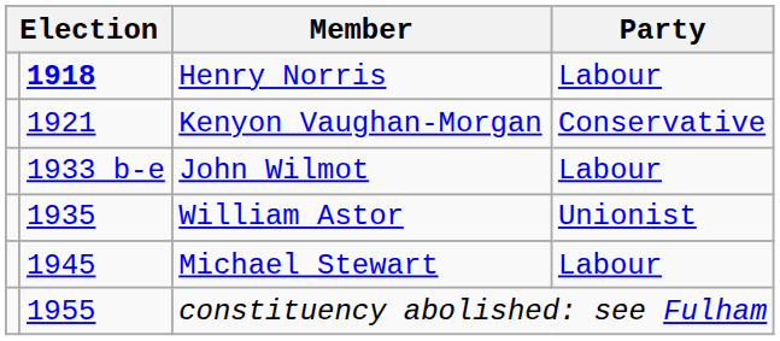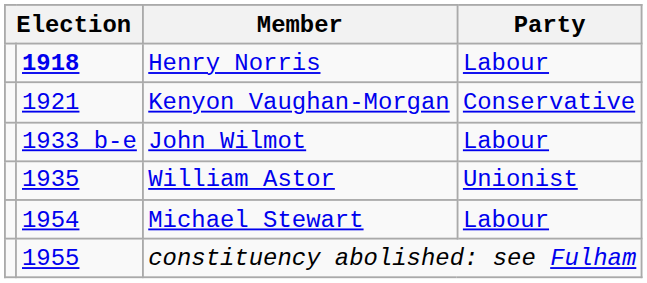 <table class="wikitable">
 <tr>
 <th colspan="2">Election</th>
 <th>Member</th>
 <th>Party</th>
 </tr>
 <tr>
 <td style="color:inherit;background-color: "></td>
 <td><strong><a href='#'>1918</a></strong></td>
 <td><a href='#'>Henry Norris</a></td>
 <td><a href='#'>Labour</a></td>
 </tr>
 <tr>
 <td style="color:inherit;background-color: "></td>
 <td><a href='#'>1921</a></td>
 <td><a href='#'>Kenyon Vaughan-Morgan</a></td>
 <td><a href='#'>Conservative</a></td>
 </tr>
 <tr>
 <td style="color:inherit;background-color: "></td>
 <td><a href='#'>1933 b-e</a></td>
 <td><a href='#'>John Wilmot</a></td>
 <td><a href='#'>Labour</a></td>
 </tr>
 <tr>
 <td style="color:inherit;background-color: "></td>
 <td><a href='#'>1935</a></td>
 <td><a href='#'>William Astor</a></td>
 <td><a href='#'>Unionist</a></td>
 </tr>
 <tr>
 <td style="color:inherit;background-color: "></td>
-<td><a href='#'>1945</a></td>
+<td><a href='#'>1954</a></td>
 <td><a href='#'>Michael Stewart</a></td>
 <td><a href='#'>Labour</a></td>
 </tr>
 <tr>
 <td></td>
 <td><a href='#'>1955</a></td>
 <td colspan="2"><em>constituency abolished: see <a href='#'>Fulham</a></em></td>
 </tr>
 </table>
